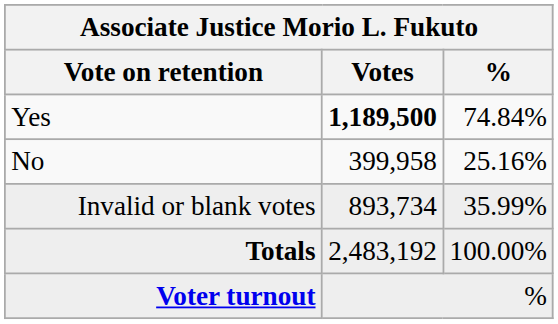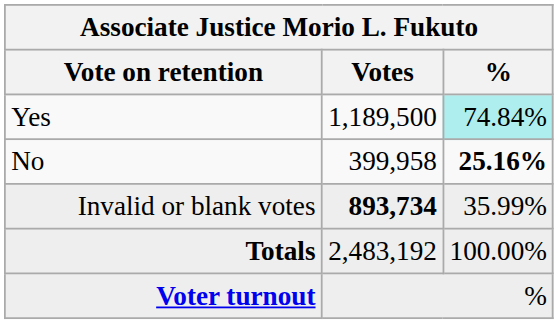 <table class="wikitable" style="font-size: 95%;">
 <tr style="background-color:#E9E9E9">
 <th colspan=7>Associate Justice Morio L. Fukuto</th>
 </tr>
 <tr style="background-color:#E9E9E9">
 <th style="width: 170px">Vote on retention</th>
 <th style="width: 50px">Votes</th>
 <th style="width: 40px">%</th>
 </tr>
 <tr>
 <td>Yes</td>
-<td align="right"><strong>1,189,500</strong></td>
-<td align="right">74.84%</td>
+<td align="right">1,189,500</td>
+<td align="right" style="background: paleturquoise;">74.84%</td>
 </tr>
 <tr>
 <td>No</td>
 <td align="right">399,958</td>
-<td align="right">25.16%</td>
+<td align="right"><strong>25.16%</strong></td>
 </tr>
 <tr style="background-color:#EEEEEE">
 <td align="right">Invalid or blank votes</td>
-<td align="right">893,734</td>
+<td align="right"><strong>893,734</strong></td>
 <td align="right">35.99%</td>
 </tr>
 <tr style="background-color:#EEEEEE">
 <td colspan="1" align="right"><strong>Totals</strong></td>
 <td align="right">2,483,192</td>
 <td align="right">100.00%</td>
 </tr>
 <tr style="background-color:#EEEEEE">
 <td align="right"><strong><a href='#'>Voter turnout</a></strong></td>
 <td colspan="2" align="right">%</td>
 </tr>
 </table>
